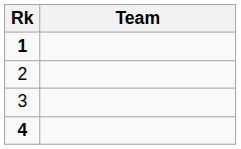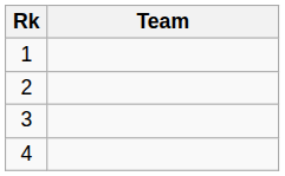 <table class=wikitable style=text-align:center>
 <tr>
 <th width=25>Rk</th>
 <th width=170>Team</th>
 </tr>
 <tr>
-<td><strong>1</strong></td>
+<td>1</td>
 <td align=left></td>
 </tr>
 <tr>
 <td>2</td>
 <td align=left></td>
 </tr>
 <tr>
 <td>3</td>
 <td align=left></td>
 </tr>
 <tr>
-<td><strong>4</strong></td>
+<td>4</td>
 <td align=left></td>
 </tr>
 </table>
